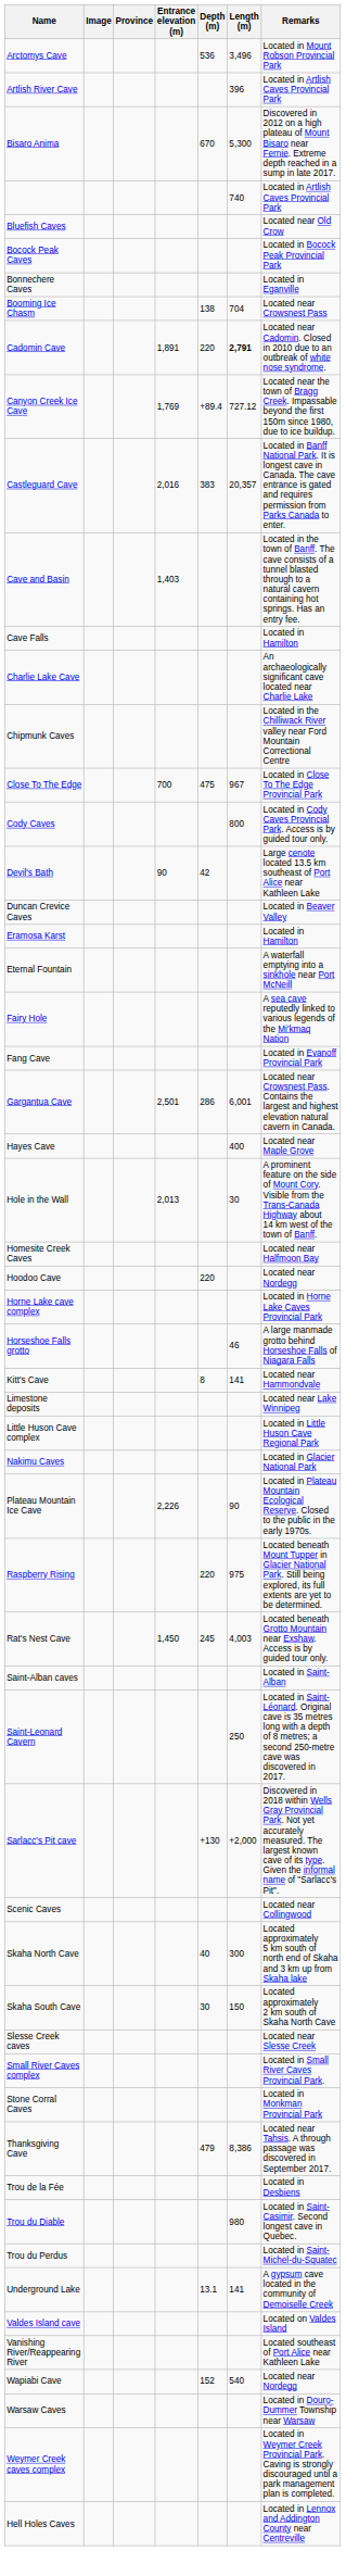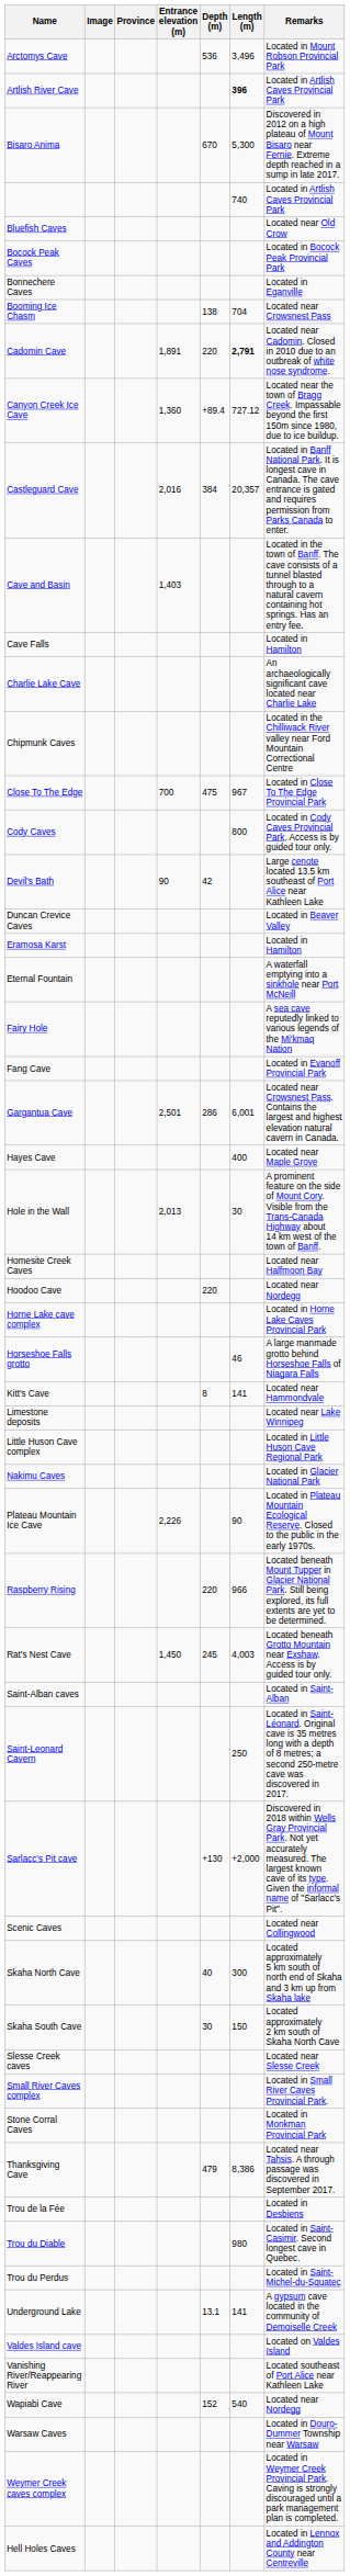 <table class="wikitable sortable sticky-header" style=text-align:left" style="margin:1em auto;">
 <tr>
 <th>Name</th>
 <th class="unsortable">Image</th>
 <th>Province</th>
 <th data-sort-type="number">Entrance<br>elevation (m)</th>
 <th data-sort-type="number">Depth (m)</th>
 <th data-sort-type="number">Length (m)</th>
 <th class="unsortable">Remarks</th>
 </tr>
 <tr>
 <td><a href='#'>Arctomys Cave</a></td>
 <td></td>
 <td></td>
 <td></td>
 <td>536</td>
 <td>3,496</td>
 <td>Located in <a href='#'>Mount Robson Provincial Park</a></td>
 </tr>
 <tr>
 <td><a href='#'>Artlish River Cave</a></td>
 <td></td>
 <td></td>
 <td></td>
 <td></td>
-<td>396</td>
+<td><strong>396</strong></td>
 <td>Located in <a href='#'>Artlish Caves Provincial Park</a></td>
 </tr>
 <tr>
 <td><a href='#'>Bisaro Anima</a></td>
 <td></td>
 <td></td>
 <td></td>
 <td>670</td>
 <td>5,300</td>
 <td>Discovered in 2012 on a high plateau of <a href='#'>Mount Bisaro</a> near <a href='#'>Fernie</a>. Extreme depth reached in a sump in late 2017.</td>
 </tr>
 <tr>
 <td></td>
 <td></td>
 <td></td>
 <td></td>
 <td></td>
 <td>740</td>
 <td>Located in <a href='#'>Artlish Caves Provincial Park</a></td>
 </tr>
 <tr>
 <td><a href='#'>Bluefish Caves</a></td>
 <td></td>
 <td></td>
 <td></td>
 <td></td>
 <td></td>
 <td>Located near <a href='#'>Old Crow</a></td>
 </tr>
 <tr>
 <td><a href='#'>Bocock Peak Caves</a></td>
 <td></td>
 <td></td>
 <td></td>
 <td></td>
 <td></td>
 <td>Located in <a href='#'>Bocock Peak Provincial Park</a></td>
 </tr>
 <tr>
 <td>Bonnechere Caves</td>
 <td></td>
 <td></td>
 <td></td>
 <td></td>
 <td></td>
 <td>Located in <a href='#'>Eganville</a></td>
 </tr>
 <tr>
 <td><a href='#'>Booming Ice Chasm</a></td>
 <td></td>
 <td></td>
 <td></td>
 <td>138</td>
 <td>704</td>
 <td>Located near <a href='#'>Crowsnest Pass</a></td>
 </tr>
 <tr>
 <td><a href='#'>Cadomin Cave</a></td>
 <td></td>
 <td></td>
 <td>1,891</td>
 <td>220</td>
 <td><strong>2,791</strong></td>
 <td>Located near <a href='#'>Cadomin</a>. Closed in 2010 due to an outbreak of <a href='#'>white nose syndrome</a>.</td>
 </tr>
 <tr>
 <td><a href='#'>Canyon Creek Ice Cave</a></td>
 <td></td>
 <td></td>
-<td>1,769</td>
+<td>1,360</td>
 <td>+89.4</td>
 <td>727.12</td>
 <td>Located near the town of <a href='#'>Bragg Creek</a>. Impassable beyond the first 150m since 1980, due to ice buildup.<br></td>
 </tr>
 <tr>
 <td><a href='#'>Castleguard Cave</a></td>
 <td></td>
 <td></td>
 <td>2,016</td>
-<td>383</td>
+<td>384</td>
 <td>20,357</td>
 <td>Located in <a href='#'>Banff National Park</a>. It is longest cave in Canada. The cave entrance is gated and requires permission from <a href='#'>Parks Canada</a> to enter.</td>
 </tr>
 <tr>
 <td><a href='#'>Cave and Basin</a></td>
 <td></td>
 <td></td>
 <td>1,403</td>
 <td></td>
 <td></td>
 <td>Located in the town of <a href='#'>Banff</a>. The cave consists of a tunnel blasted through to a natural cavern containing hot springs. Has an entry fee.</td>
 </tr>
 <tr>
 <td>Cave Falls</td>
 <td></td>
 <td></td>
 <td></td>
 <td></td>
 <td></td>
 <td>Located in <a href='#'>Hamilton</a></td>
 </tr>
 <tr>
 <td><a href='#'>Charlie Lake Cave</a></td>
 <td></td>
 <td></td>
 <td></td>
 <td></td>
 <td></td>
 <td>An archaeologically significant cave located near <a href='#'>Charlie Lake</a></td>
 </tr>
 <tr>
 <td>Chipmunk Caves</td>
 <td></td>
 <td></td>
 <td></td>
 <td></td>
 <td></td>
 <td>Located in the <a href='#'>Chilliwack River</a> valley near Ford Mountain Correctional Centre</td>
 </tr>
 <tr>
 <td><a href='#'>Close To The Edge</a></td>
 <td></td>
 <td></td>
 <td>700</td>
 <td>475</td>
 <td>967</td>
 <td>Located in <a href='#'>Close To The Edge Provincial Park</a></td>
 </tr>
 <tr>
 <td><a href='#'>Cody Caves</a></td>
 <td></td>
 <td></td>
 <td></td>
 <td></td>
 <td>800</td>
 <td>Located in <a href='#'>Cody Caves Provincial Park</a>. Access is by guided tour only.</td>
 </tr>
 <tr>
 <td><a href='#'>Devil's Bath</a></td>
 <td></td>
 <td></td>
 <td>90 </td>
 <td>42</td>
 <td></td>
 <td>Large <a href='#'>cenote</a> located 13.5 km southeast of <a href='#'>Port Alice</a> near Kathleen Lake</td>
 </tr>
 <tr>
 <td>Duncan Crevice Caves</td>
 <td></td>
 <td></td>
 <td></td>
 <td></td>
 <td></td>
 <td>Located in <a href='#'>Beaver Valley</a></td>
 </tr>
 <tr>
 <td><a href='#'>Eramosa Karst</a></td>
 <td></td>
 <td></td>
 <td></td>
 <td></td>
 <td></td>
 <td>Located in <a href='#'>Hamilton</a></td>
 </tr>
 <tr>
 <td>Eternal Fountain</td>
 <td></td>
 <td></td>
 <td></td>
 <td></td>
 <td></td>
 <td>A waterfall emptying into a <a href='#'>sinkhole</a> near <a href='#'>Port McNeill</a></td>
 </tr>
 <tr>
 <td><a href='#'>Fairy Hole</a></td>
 <td></td>
 <td></td>
 <td></td>
 <td></td>
 <td></td>
 <td>A <a href='#'>sea cave</a> reputedly linked to various legends of the <a href='#'>Mi'kmaq Nation</a></td>
 </tr>
 <tr>
 <td>Fang Cave</td>
 <td></td>
 <td></td>
 <td></td>
 <td></td>
 <td></td>
 <td>Located in <a href='#'>Evanoff Provincial Park</a></td>
 </tr>
 <tr>
 <td><a href='#'>Gargantua Cave</a></td>
 <td></td>
 <td><br></td>
 <td>2,501</td>
 <td>286</td>
 <td>6,001</td>
 <td>Located near <a href='#'>Crowsnest Pass</a>. Contains the largest and highest elevation natural cavern in Canada.</td>
 </tr>
 <tr>
 <td>Hayes Cave</td>
 <td></td>
 <td></td>
 <td></td>
 <td></td>
 <td>400</td>
 <td>Located near <a href='#'>Maple Grove</a></td>
 </tr>
 <tr>
 <td>Hole in the Wall</td>
 <td></td>
 <td></td>
 <td>2,013</td>
 <td></td>
 <td>30</td>
 <td>A prominent feature on the side of <a href='#'>Mount Cory</a>. Visible from the <a href='#'>Trans-Canada Highway</a> about 14 km west of the town of <a href='#'>Banff</a>.</td>
 </tr>
 <tr>
 <td>Homesite Creek Caves</td>
 <td></td>
 <td></td>
 <td></td>
 <td></td>
 <td></td>
 <td>Located near <a href='#'>Halfmoon Bay</a></td>
 </tr>
 <tr>
 <td>Hoodoo Cave</td>
 <td></td>
 <td></td>
 <td></td>
 <td>220</td>
 <td></td>
 <td>Located near <a href='#'>Nordegg</a></td>
 </tr>
 <tr>
 <td><a href='#'>Horne Lake cave complex</a></td>
 <td></td>
 <td></td>
 <td></td>
 <td></td>
 <td></td>
 <td>Located in <a href='#'>Horne Lake Caves Provincial Park</a></td>
 </tr>
 <tr>
 <td><a href='#'>Horseshoe Falls grotto</a></td>
 <td></td>
 <td></td>
 <td></td>
 <td></td>
 <td>46</td>
 <td>A large manmade grotto behind <a href='#'>Horseshoe Falls</a> of <a href='#'>Niagara Falls</a></td>
 </tr>
 <tr>
 <td>Kitt's Cave</td>
 <td></td>
 <td></td>
 <td></td>
 <td>8</td>
 <td>141</td>
 <td>Located near <a href='#'>Hammondvale</a></td>
 </tr>
 <tr>
 <td>Limestone deposits</td>
 <td></td>
 <td></td>
 <td></td>
 <td></td>
 <td></td>
 <td>Located near <a href='#'>Lake Winnipeg</a></td>
 </tr>
 <tr>
 <td>Little Huson Cave complex</td>
 <td></td>
 <td></td>
 <td></td>
 <td></td>
 <td></td>
 <td>Located in <a href='#'>Little Huson Cave Regional Park</a></td>
 </tr>
 <tr>
 <td><a href='#'>Nakimu Caves</a></td>
 <td></td>
 <td></td>
 <td></td>
 <td></td>
 <td></td>
 <td>Located in <a href='#'>Glacier National Park</a></td>
 </tr>
 <tr>
 <td>Plateau Mountain Ice Cave</td>
 <td></td>
 <td></td>
 <td>2,226</td>
 <td></td>
 <td>90</td>
 <td>Located in <a href='#'>Plateau Mountain Ecological Reserve</a>. Closed to the public in the early 1970s.</td>
 </tr>
 <tr>
 <td><a href='#'>Raspberry Rising</a></td>
 <td></td>
 <td></td>
 <td></td>
 <td>220</td>
-<td>975</td>
+<td>966</td>
 <td>Located beneath <a href='#'>Mount Tupper</a> in <a href='#'>Glacier National Park</a>. Still being explored, its full extents are yet to be determined.</td>
 </tr>
 <tr>
 <td>Rat's Nest Cave</td>
 <td></td>
 <td></td>
 <td>1,450</td>
 <td>245</td>
 <td>4,003</td>
 <td>Located beneath <a href='#'>Grotto Mountain</a> near <a href='#'>Exshaw</a>. Access is by guided tour only.</td>
 </tr>
 <tr>
 <td>Saint-Alban caves</td>
 <td></td>
 <td></td>
 <td></td>
 <td></td>
 <td></td>
 <td>Located in <a href='#'>Saint-Alban</a></td>
 </tr>
 <tr>
 <td><a href='#'>Saint-Leonard Cavern</a></td>
 <td></td>
 <td></td>
 <td></td>
 <td></td>
 <td>250</td>
 <td>Located in <a href='#'>Saint-Léonard</a>. Original cave is 35 metres long with a depth of 8 metres; a second 250-metre cave was discovered in 2017.</td>
 </tr>
 <tr>
 <td><a href='#'>Sarlacc's Pit cave</a></td>
 <td></td>
 <td></td>
 <td></td>
 <td>+130</td>
 <td>+2,000</td>
 <td>Discovered in 2018 within <a href='#'>Wells Gray Provincial Park</a>. Not yet accurately measured. The largest known cave of its <a href='#'>type</a>. Given the <a href='#'>informal name</a> of "Sarlacc's Pit".</td>
 </tr>
 <tr>
 <td>Scenic Caves</td>
 <td></td>
 <td></td>
 <td></td>
 <td></td>
 <td></td>
 <td>Located near <a href='#'>Collingwood</a></td>
 </tr>
 <tr>
 <td>Skaha North Cave</td>
 <td></td>
 <td></td>
 <td></td>
 <td>40</td>
 <td>300</td>
 <td>Located approximately 5 km south of north end of Skaha and 3 km up from <a href='#'>Skaha lake</a></td>
 </tr>
 <tr>
 <td>Skaha South Cave</td>
 <td></td>
 <td></td>
 <td></td>
 <td>30</td>
 <td>150</td>
 <td>Located approximately 2 km south of Skaha North Cave</td>
 </tr>
 <tr>
 <td>Slesse Creek caves</td>
 <td></td>
 <td></td>
 <td></td>
 <td></td>
 <td></td>
 <td>Located near <a href='#'>Slesse Creek</a></td>
 </tr>
 <tr>
 <td><a href='#'>Small River Caves complex</a></td>
 <td></td>
 <td></td>
 <td></td>
 <td></td>
 <td></td>
 <td>Located in <a href='#'>Small River Caves Provincial Park</a>.</td>
 </tr>
 <tr>
 <td>Stone Corral Caves</td>
 <td></td>
 <td></td>
 <td></td>
 <td></td>
 <td></td>
 <td>Located in <a href='#'>Monkman Provincial Park</a></td>
 </tr>
 <tr>
 <td>Thanksgiving Cave</td>
 <td></td>
 <td></td>
 <td></td>
 <td>479</td>
 <td>8,386</td>
 <td>Located near <a href='#'>Tahsis</a>. A through passage was discovered in September 2017.</td>
 </tr>
 <tr>
 <td>Trou de la Fée</td>
 <td></td>
 <td></td>
 <td></td>
 <td></td>
 <td></td>
 <td>Located in <a href='#'>Desbiens</a></td>
 </tr>
 <tr>
 <td><a href='#'>Trou du Diable</a></td>
 <td></td>
 <td></td>
 <td></td>
 <td></td>
 <td>980</td>
 <td>Located in <a href='#'>Saint-Casimir</a>. Second longest cave in Quebec.</td>
 </tr>
 <tr>
 <td>Trou du Perdus</td>
 <td></td>
 <td></td>
 <td></td>
 <td></td>
 <td></td>
 <td>Located in <a href='#'>Saint-Michel-du-Squatec</a></td>
 </tr>
 <tr>
 <td>Underground Lake</td>
 <td></td>
 <td></td>
 <td></td>
 <td>13.1</td>
 <td>141</td>
 <td>A <a href='#'>gypsum</a> cave located in the community of <a href='#'>Demoiselle Creek</a></td>
 </tr>
 <tr>
 <td><a href='#'>Valdes Island cave</a></td>
 <td></td>
 <td></td>
 <td></td>
 <td></td>
 <td></td>
 <td>Located on <a href='#'>Valdes Island</a></td>
 </tr>
 <tr>
 <td>Vanishing River/Reappearing River</td>
 <td></td>
 <td></td>
 <td></td>
 <td></td>
 <td></td>
 <td>Located southeast of <a href='#'>Port Alice</a> near Kathleen Lake</td>
 </tr>
 <tr>
 <td>Wapiabi Cave</td>
 <td></td>
 <td></td>
 <td></td>
 <td>152 </td>
 <td>540</td>
 <td>Located near <a href='#'>Nordegg</a></td>
 </tr>
 <tr>
 <td>Warsaw Caves</td>
 <td></td>
 <td></td>
 <td></td>
 <td></td>
 <td></td>
 <td>Located in <a href='#'>Douro-Dummer</a> Township near <a href='#'>Warsaw</a></td>
 </tr>
 <tr>
 <td><a href='#'>Weymer Creek caves complex</a></td>
 <td></td>
 <td></td>
 <td></td>
 <td></td>
 <td></td>
 <td>Located in <a href='#'>Weymer Creek Provincial Park</a>. Caving is strongly discouraged until a park management plan is completed.</td>
 </tr>
 <tr>
 <td>Hell Holes Caves</td>
 <td></td>
 <td></td>
 <td></td>
 <td></td>
 <td></td>
 <td>Located in <a href='#'>Lennox and Addington County</a> near <a href='#'>Centreville</a></td>
 </tr>
 </table>
